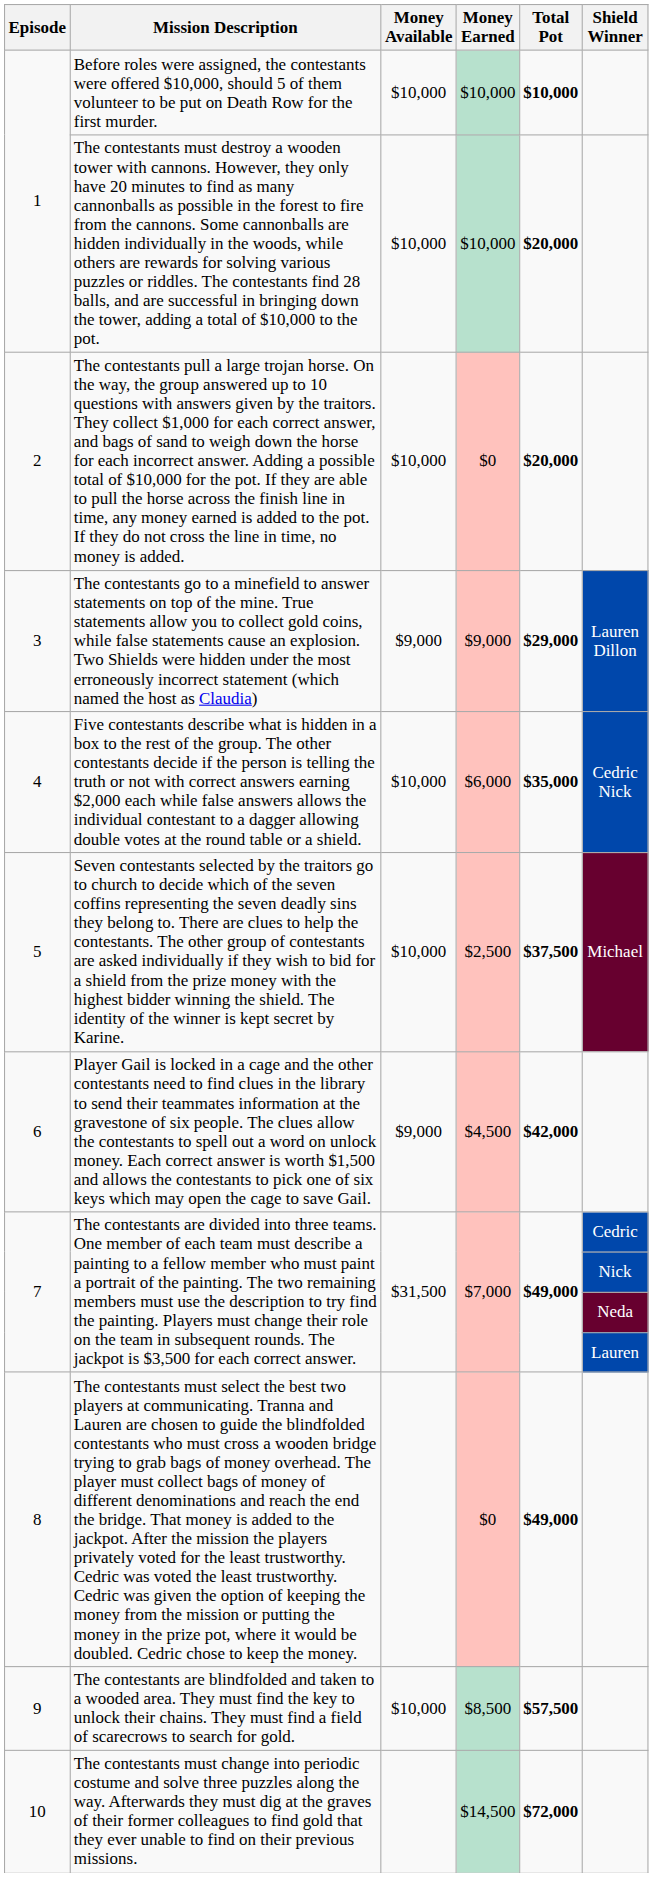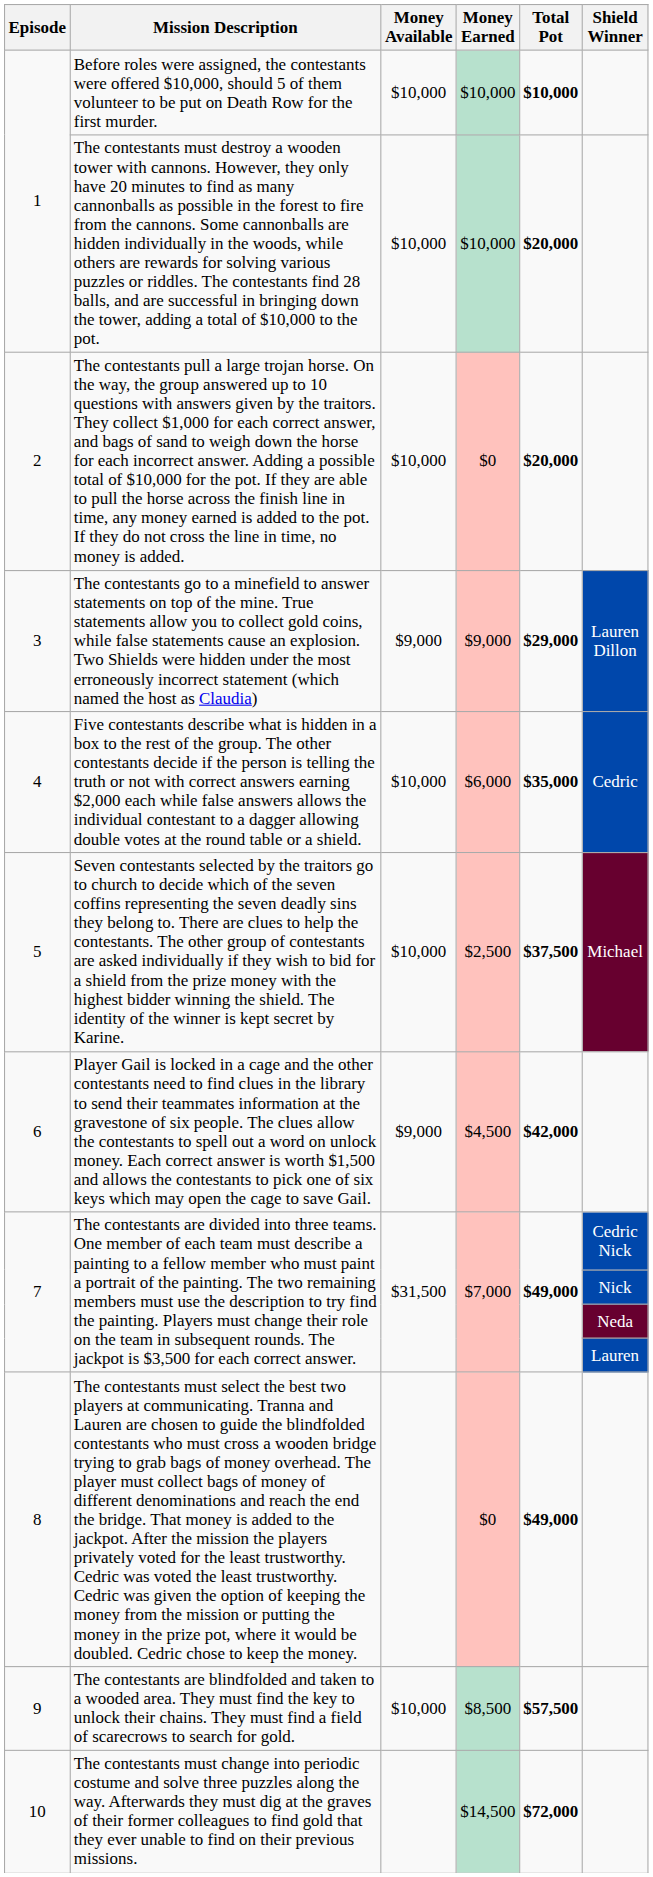 <table class="wikitable">
 <tr>
 <th>Episode</th>
 <th>Mission Description</th>
 <th>Money<br>Available</th>
 <th>Money<br>Earned</th>
 <th>Total<br>Pot</th>
 <th>Shield Winner</th>
 </tr>
 <tr>
 <td align="center" rowspan="2">1</td>
 <td>Before roles were assigned, the contestants were offered $10,000, should 5 of them volunteer to be put on Death Row for the first murder.</td>
 <td align="center">$10,000</td>
 <td style="background:#B7E1CD" align="center">$10,000</td>
 <td align="center"><strong>$10,000</strong></td>
 <td align="center"></td>
 </tr>
 <tr>
 <td>The contestants must destroy a wooden tower with cannons. However, they only have 20 minutes to find as many cannonballs as possible in the forest to fire from the cannons. Some cannonballs are hidden individually in the woods, while others are rewards for solving various puzzles or riddles. The contestants find 28 balls, and are successful in bringing down the tower, adding a total of $10,000 to the pot.</td>
 <td align="center">$10,000</td>
 <td style="background:#B7E1CD" align="center">$10,000</td>
 <td align="center"><strong>$20,000</strong></td>
 <td></td>
 </tr>
 <tr>
 <td align="center">2</td>
 <td>The contestants pull a large trojan horse. On the way, the group answered up to 10 questions with answers given by the traitors. They collect $1,000 for each correct answer, and bags of sand to weigh down the horse for each incorrect answer. Adding a possible total of $10,000 for the pot. If they are able to pull the horse across the finish line in time, any money earned is added to the pot. If they do not cross the line in time, no money is added.</td>
 <td align="center">$10,000</td>
 <td style="background:#FFC2BD" align="center">$0</td>
 <td align="center"><strong>$20,000</strong></td>
 <td></td>
 </tr>
 <tr>
 <td align="center">3</td>
 <td>The contestants go to a minefield to answer statements on top of the mine. True statements allow you to collect gold coins, while false statements cause an explosion. Two Shields were hidden under the most erroneously incorrect statement (which named the host as <a href='#'>Claudia</a>)</td>
 <td align="center">$9,000</td>
 <td style="background:#FFC2BD" align="center">$9,000</td>
 <td align="center"><strong>$29,000</strong></td>
 <td bgcolor="#0047AB" align="center" style="color:#FFFFFF;">Lauren  Dillon</td>
 </tr>
 <tr>
 <td align="center">4</td>
 <td>Five contestants describe what is hidden in a box to the rest of the group. The other contestants decide if the person is telling the truth or not with correct answers earning $2,000 each while false answers allows the individual contestant to a dagger allowing double votes at the round table or a shield.</td>
 <td align="center">$10,000</td>
 <td style="background:#FFC2BD" align="center">$6,000</td>
 <td align="center"><strong>$35,000</strong></td>
-<td bgcolor="#0047AB" align="center" style="color:#FFFFFF;">Cedric  Nick</td>
+<td bgcolor="#0047AB" align="center" style="color:#FFFFFF;">Cedric</td>
 </tr>
 <tr>
 <td align="center">5</td>
 <td>Seven contestants selected by the traitors go to church to decide which of the seven coffins representing the seven deadly sins they belong to. There are clues to help the contestants. The other group of contestants are asked individually if they wish to bid for a shield from the prize money with the highest bidder winning the shield. The identity of the winner is kept secret by Karine.</td>
 <td align="center">$10,000</td>
 <td style="background:#FFC2BD" align="center">$2,500</td>
 <td align="center"><strong>$37,500</strong></td>
 <td bgcolor="#67002f" align="center" style="color:#FFFFFF;">Michael</td>
 </tr>
 <tr>
 <td align="center">6</td>
 <td>Player Gail is locked in a cage and the other contestants need to find clues in the library to send their teammates information at the gravestone of six people. The clues allow the contestants to spell out a word on unlock money. Each correct answer is worth $1,500 and allows the contestants to pick one of six keys which may open the cage to save Gail.</td>
 <td align="center">$9,000</td>
 <td style="background:#FFC2BD" align="center">$4,500</td>
 <td align="center"><strong>$42,000</strong></td>
 <td></td>
 </tr>
 <tr>
 <td rowspan="4" align="center">7</td>
 <td rowspan="4">The contestants are divided into three teams. One member of each team must describe a painting to a fellow member who must paint a portrait of the painting. The two remaining members must use the description to try find the painting. Players must change their role on the team in subsequent rounds. The jackpot is $3,500 for each correct answer.</td>
 <td rowspan="4" align="center">$31,500</td>
 <td rowspan="4" style="background:#FFC2BD" align="center">$7,000</td>
 <td rowspan="4" align="center"><strong>$49,000</strong></td>
-<td bgcolor="#0047AB" align="center" style="color:#FFFFFF;">Cedric</td>
+<td bgcolor="#0047AB" align="center" style="color:#FFFFFF;">Cedric  Nick</td>
 </tr>
 <tr>
 <td bgcolor="#0047AB" align="center" style="color:#FFFFFF">Nick</td>
 </tr>
 <tr>
 <td bgcolor="#67002f" align="center" style="color:#FFFFFF">Neda</td>
 </tr>
 <tr>
 <td bgcolor="#0047AB" align="center" style="color:#FFFFFF">Lauren</td>
 </tr>
 <tr>
 <td align="center">8</td>
 <td>The contestants must select the best two players at communicating. Tranna and Lauren are chosen to guide the blindfolded contestants who must cross a wooden bridge trying to grab bags of money overhead. The player must collect bags of money of different denominations and reach the end the bridge. That money is added to the jackpot. After the mission the players privately voted for the least trustworthy. Cedric was voted the least trustworthy. Cedric was given the option of keeping the money from the mission or putting the money in the prize pot, where it would be doubled. Cedric chose to keep the money.</td>
 <td align="center"></td>
 <td style="background:#FFC2BD" align="center">$0</td>
 <td align="center"><strong>$49,000</strong></td>
 <td></td>
 </tr>
 <tr>
 <td align="center">9</td>
 <td>The contestants are blindfolded and taken to a wooded area. They must find the key to unlock their chains. They must find a field of scarecrows to search for gold.</td>
 <td align="center">$10,000</td>
 <td style="background:#B7E1CD" align="center">$8,500</td>
 <td align="center"><strong>$57,500</strong></td>
 <td></td>
 </tr>
 <tr>
 <td align="center">10</td>
 <td>The contestants must change into periodic costume and solve three puzzles along the way. Afterwards they must dig at the graves of their former colleagues to find gold that they ever unable to find on their previous missions.</td>
 <td align="center"></td>
 <td style="background:#B7E1CD" align="center">$14,500</td>
 <td align="center"><strong>$72,000</strong></td>
 <td></td>
 </tr>
 </table>
